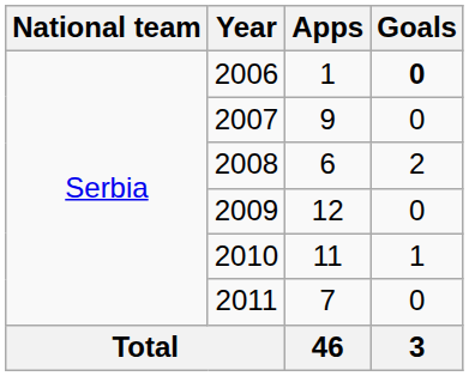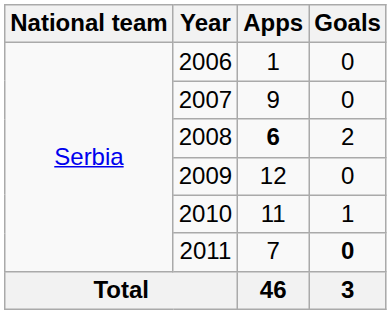 <table class="wikitable" style="text-align:center">
 <tr>
 <th>National team</th>
 <th>Year</th>
 <th>Apps</th>
 <th>Goals</th>
 </tr>
 <tr>
 <td rowspan="6"><a href='#'>Serbia</a></td>
 <td>2006</td>
 <td>1</td>
-<td><strong>0</strong></td>
+<td>0</td>
 </tr>
 <tr>
 <td>2007</td>
 <td>9</td>
 <td>0</td>
 </tr>
 <tr>
 <td>2008</td>
-<td>6</td>
+<td><strong>6</strong></td>
 <td>2</td>
 </tr>
 <tr>
 <td>2009</td>
 <td>12</td>
 <td>0</td>
 </tr>
 <tr>
 <td>2010</td>
 <td>11</td>
 <td>1</td>
 </tr>
 <tr>
 <td>2011</td>
 <td>7</td>
-<td>0</td>
+<td><strong>0</strong></td>
 </tr>
 <tr>
 <th colspan="2">Total</th>
 <th>46</th>
 <th>3</th>
 </tr>
 </table>
